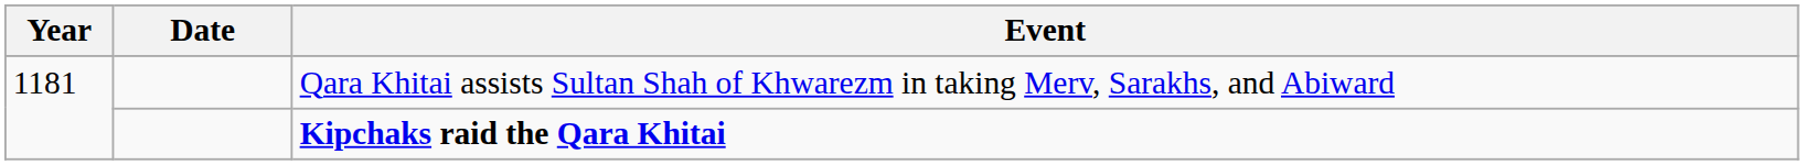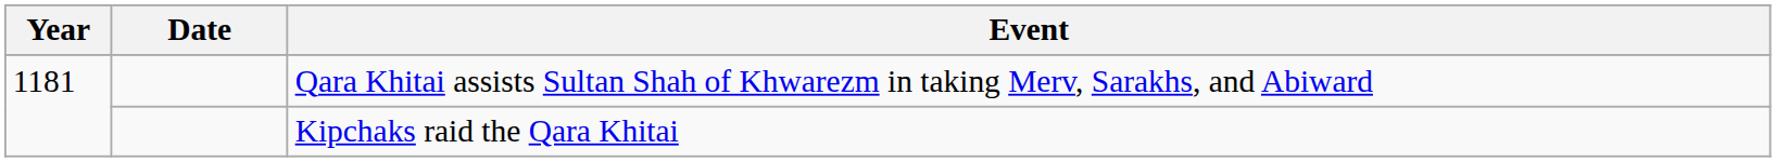 <table class="wikitable" width="100%">
 <tr>
 <th style="width:6%">Year</th>
 <th style="width:10%">Date</th>
 <th>Event</th>
 </tr>
 <tr>
 <td rowspan="2" valign="top">1181</td>
 <td></td>
 <td><a href='#'>Qara Khitai</a> assists <a href='#'>Sultan Shah of Khwarezm</a> in taking <a href='#'>Merv</a>, <a href='#'>Sarakhs</a>, and <a href='#'>Abiward</a></td>
 </tr>
 <tr>
 <td></td>
-<td><strong><a href='#'>Kipchaks</a> raid the <a href='#'>Qara Khitai</a></strong></td>
+<td><a href='#'>Kipchaks</a> raid the <a href='#'>Qara Khitai</a></td>
 </tr>
 </table>
